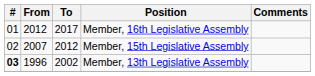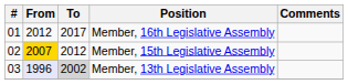 <table class="wikitable sortable">
 <tr>
 <th>#</th>
 <th>From</th>
 <th>To</th>
 <th>Position</th>
 <th>Comments</th>
 </tr>
 <tr>
 <td>01</td>
 <td>2012</td>
 <td>2017</td>
 <td>Member, <a href='#'>16th Legislative Assembly</a></td>
 <td></td>
 </tr>
 <tr>
 <td>02</td>
-<td>2007</td>
+<td style="background: gold;">2007</td>
 <td>2012</td>
 <td>Member, <a href='#'>15th Legislative Assembly</a></td>
 <td></td>
 </tr>
 <tr>
-<td><strong>03</strong></td>
-<td>1996</td>
-<td>2002</td>
+<td>03</td>
+<td style="background: lavender;">1996</td>
+<td style="background: lightgrey;">2002</td>
 <td>Member, <a href='#'>13th Legislative Assembly</a></td>
 <td></td>
 </tr>
 <tr>
 </tr>
 </table>
